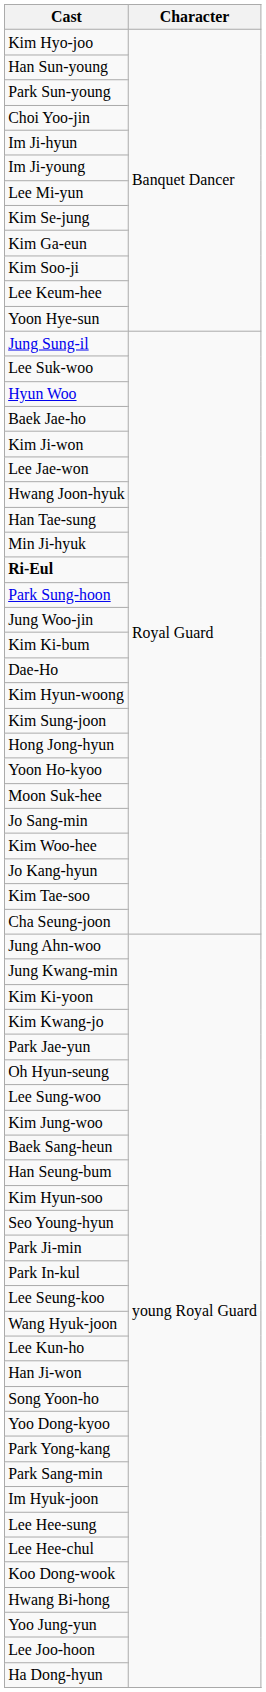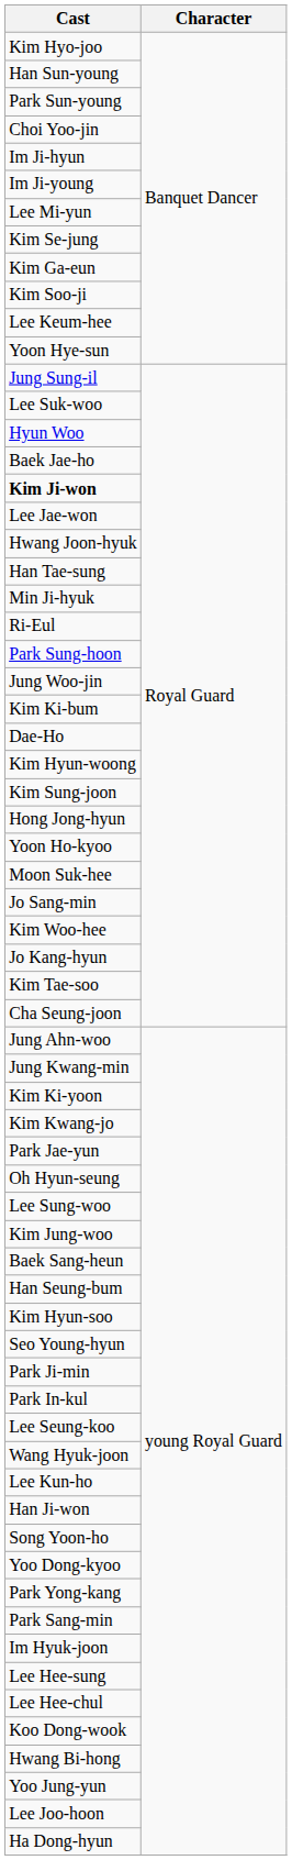 <table class="wikitable">
 <tr>
 <th>Cast</th>
 <th>Character</th>
 </tr>
 <tr>
 <td>Kim Hyo-joo</td>
 <td rowspan="12">Banquet Dancer</td>
 </tr>
 <tr>
 <td>Han Sun-young</td>
 </tr>
 <tr>
 <td>Park Sun-young</td>
 </tr>
 <tr>
 <td>Choi Yoo-jin</td>
 </tr>
 <tr>
 <td>Im Ji-hyun</td>
 </tr>
 <tr>
 <td>Im Ji-young</td>
 </tr>
 <tr>
 <td>Lee Mi-yun</td>
 </tr>
 <tr>
 <td>Kim Se-jung</td>
 </tr>
 <tr>
 <td>Kim Ga-eun</td>
 </tr>
 <tr>
 <td>Kim Soo-ji</td>
 </tr>
 <tr>
 <td>Lee Keum-hee</td>
 </tr>
 <tr>
 <td>Yoon Hye-sun</td>
 </tr>
 <tr>
 <td><a href='#'>Jung Sung-il</a></td>
 <td rowspan="24">Royal Guard</td>
 </tr>
 <tr>
 <td>Lee Suk-woo</td>
 </tr>
 <tr>
 <td><a href='#'>Hyun Woo</a></td>
 </tr>
 <tr>
 <td>Baek Jae-ho</td>
 </tr>
 <tr>
-<td>Kim Ji-won</td>
+<td><strong>Kim Ji-won</strong></td>
 </tr>
 <tr>
 <td>Lee Jae-won</td>
 </tr>
 <tr>
 <td>Hwang Joon-hyuk</td>
 </tr>
 <tr>
 <td>Han Tae-sung</td>
 </tr>
 <tr>
 <td>Min Ji-hyuk</td>
 </tr>
 <tr>
-<td><strong>Ri-Eul</strong></td>
+<td>Ri-Eul</td>
 </tr>
 <tr>
 <td><a href='#'>Park Sung-hoon</a></td>
 </tr>
 <tr>
 <td>Jung Woo-jin</td>
 </tr>
 <tr>
 <td>Kim Ki-bum</td>
 </tr>
 <tr>
 <td>Dae-Ho</td>
 </tr>
 <tr>
 <td>Kim Hyun-woong</td>
 </tr>
 <tr>
 <td>Kim Sung-joon</td>
 </tr>
 <tr>
 <td>Hong Jong-hyun</td>
 </tr>
 <tr>
 <td>Yoon Ho-kyoo</td>
 </tr>
 <tr>
 <td>Moon Suk-hee</td>
 </tr>
 <tr>
 <td>Jo Sang-min</td>
 </tr>
 <tr>
 <td>Kim Woo-hee</td>
 </tr>
 <tr>
 <td>Jo Kang-hyun</td>
 </tr>
 <tr>
 <td>Kim Tae-soo</td>
 </tr>
 <tr>
 <td>Cha Seung-joon</td>
 </tr>
 <tr>
 <td>Jung Ahn-woo</td>
 <td rowspan="30">young Royal Guard</td>
 </tr>
 <tr>
 <td>Jung Kwang-min</td>
 </tr>
 <tr>
 <td>Kim Ki-yoon</td>
 </tr>
 <tr>
 <td>Kim Kwang-jo</td>
 </tr>
 <tr>
 <td>Park Jae-yun</td>
 </tr>
 <tr>
 <td>Oh Hyun-seung</td>
 </tr>
 <tr>
 <td>Lee Sung-woo</td>
 </tr>
 <tr>
 <td>Kim Jung-woo</td>
 </tr>
 <tr>
 <td>Baek Sang-heun</td>
 </tr>
 <tr>
 <td>Han Seung-bum</td>
 </tr>
 <tr>
 <td>Kim Hyun-soo</td>
 </tr>
 <tr>
 <td>Seo Young-hyun</td>
 </tr>
 <tr>
 <td>Park Ji-min</td>
 </tr>
 <tr>
 <td>Park In-kul</td>
 </tr>
 <tr>
 <td>Lee Seung-koo</td>
 </tr>
 <tr>
 <td>Wang Hyuk-joon</td>
 </tr>
 <tr>
 <td>Lee Kun-ho</td>
 </tr>
 <tr>
 <td>Han Ji-won</td>
 </tr>
 <tr>
 <td>Song Yoon-ho</td>
 </tr>
 <tr>
 <td>Yoo Dong-kyoo</td>
 </tr>
 <tr>
 <td>Park Yong-kang</td>
 </tr>
 <tr>
 <td>Park Sang-min</td>
 </tr>
 <tr>
 <td>Im Hyuk-joon</td>
 </tr>
 <tr>
 <td>Lee Hee-sung</td>
 </tr>
 <tr>
 <td>Lee Hee-chul</td>
 </tr>
 <tr>
 <td>Koo Dong-wook</td>
 </tr>
 <tr>
 <td>Hwang Bi-hong</td>
 </tr>
 <tr>
 <td>Yoo Jung-yun</td>
 </tr>
 <tr>
 <td>Lee Joo-hoon</td>
 </tr>
 <tr>
 <td>Ha Dong-hyun</td>
 </tr>
 <tr>
 </tr>
 </table>
